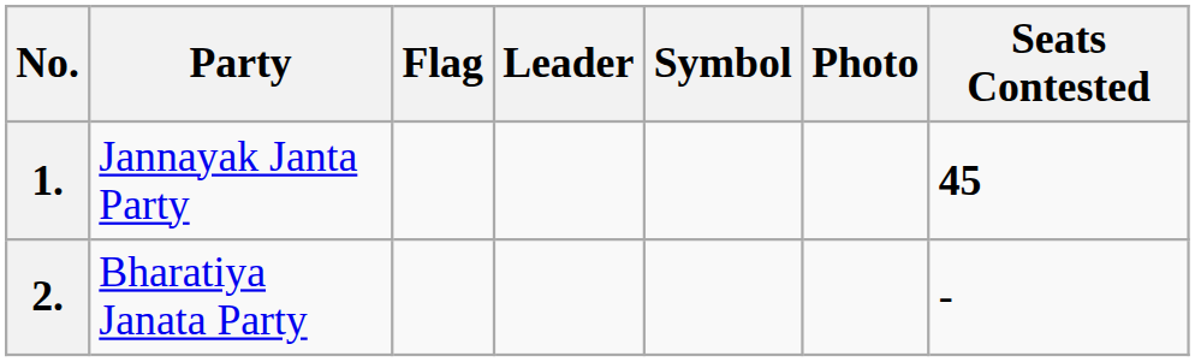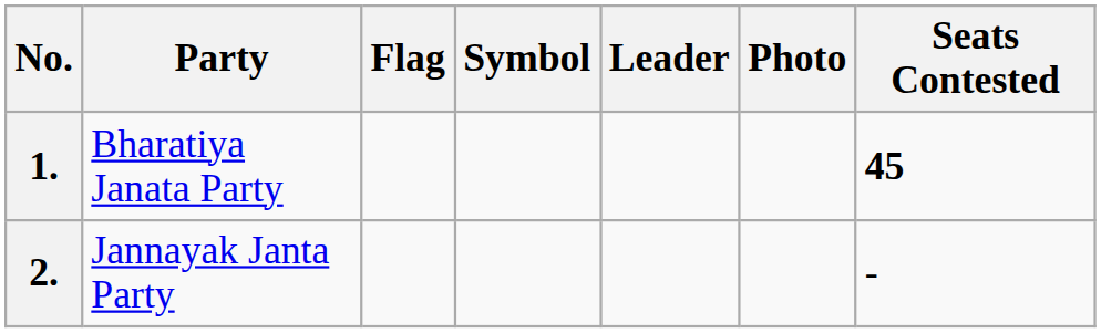 <table class="wikitable"  " width="50%">
 <tr>
 <th>No.</th>
 <th>Party</th>
 <th>Flag</th>
+<th>Symbol</th>
 <th>Leader</th>
-<th>Symbol</th>
 <th>Photo</th>
 <th>Seats Contested</th>
 </tr>
 <tr>
 <th style="text-align:center; background:"><strong>1.</strong></th>
-<td><a href='#'>Jannayak Janta Party</a></td>
+<td><a href='#'>Bharatiya Janata Party</a></td>
 <td></td>
 <td></td>
 <td></td>
 <td></td>
 <td><strong>45</strong></td>
 </tr>
 <tr>
 <th style="text-align:center; background:"><strong>2.</strong></th>
-<td><a href='#'>Bharatiya Janata Party</a></td>
+<td><a href='#'>Jannayak Janta Party</a></td>
 <td></td>
 <td></td>
 <td></td>
 <td></td>
 <td>-</td>
 </tr>
 </table>
